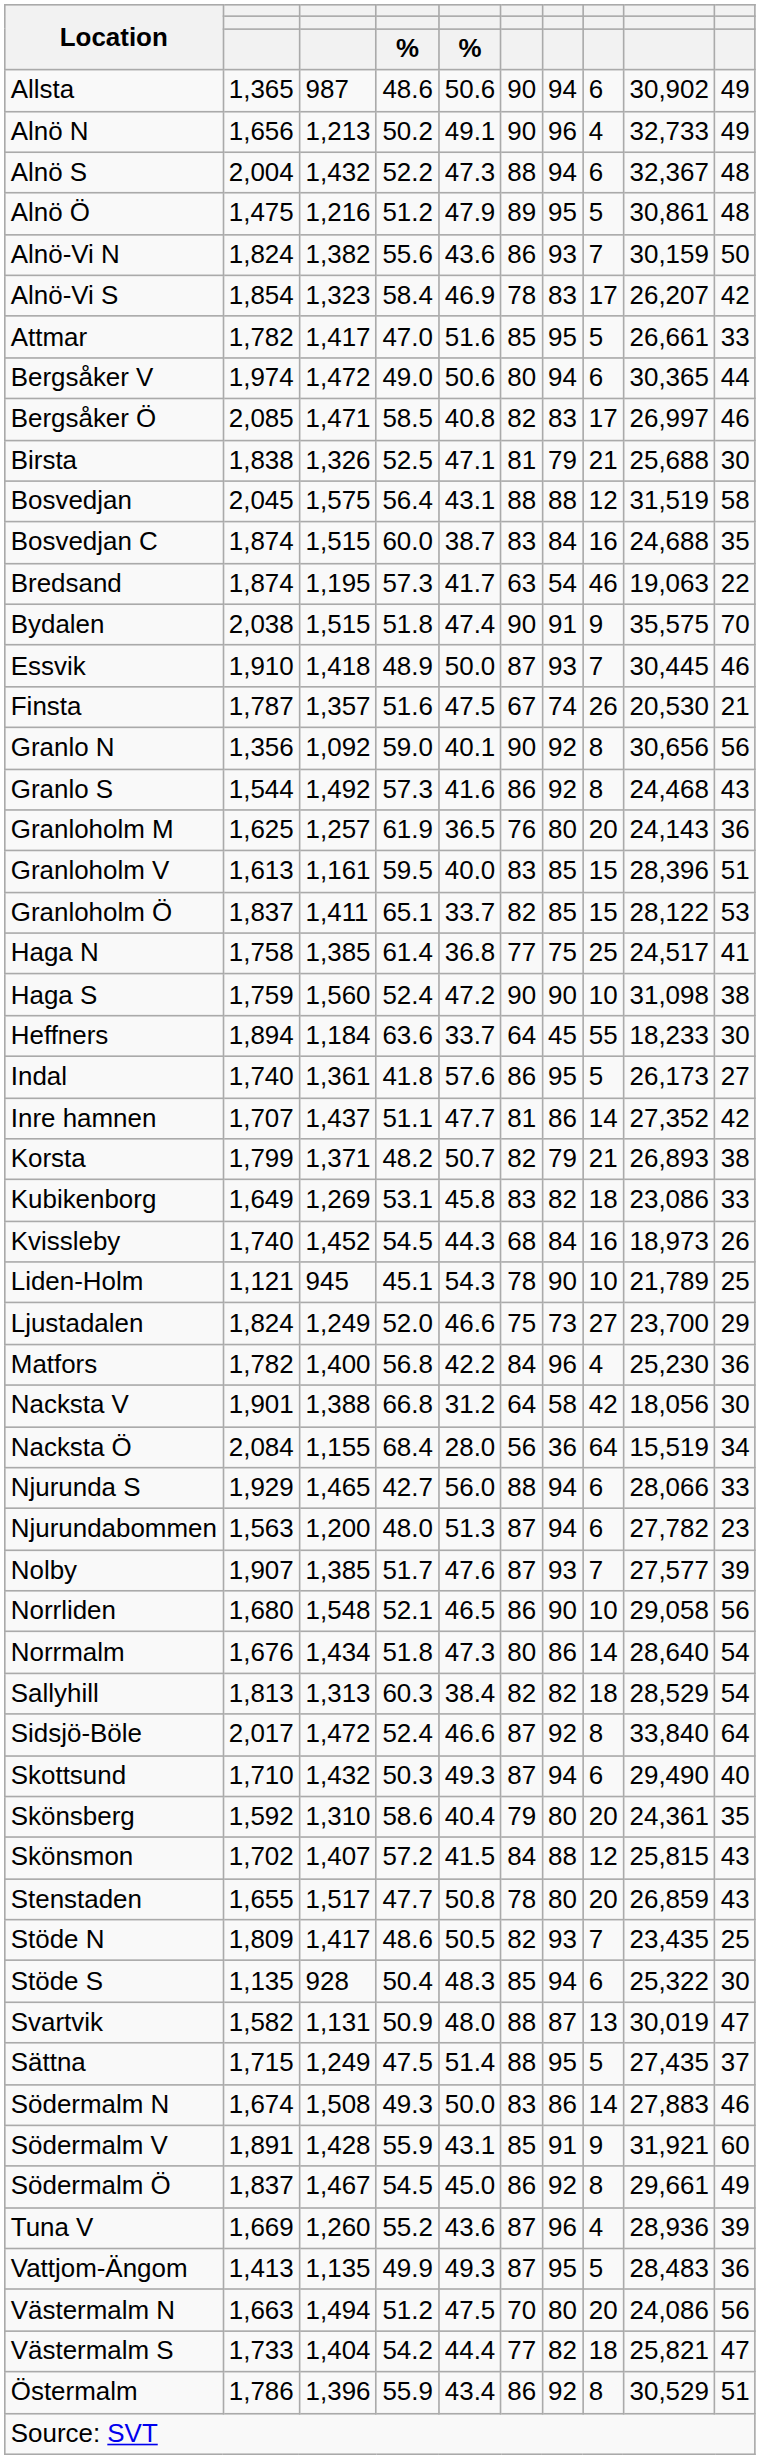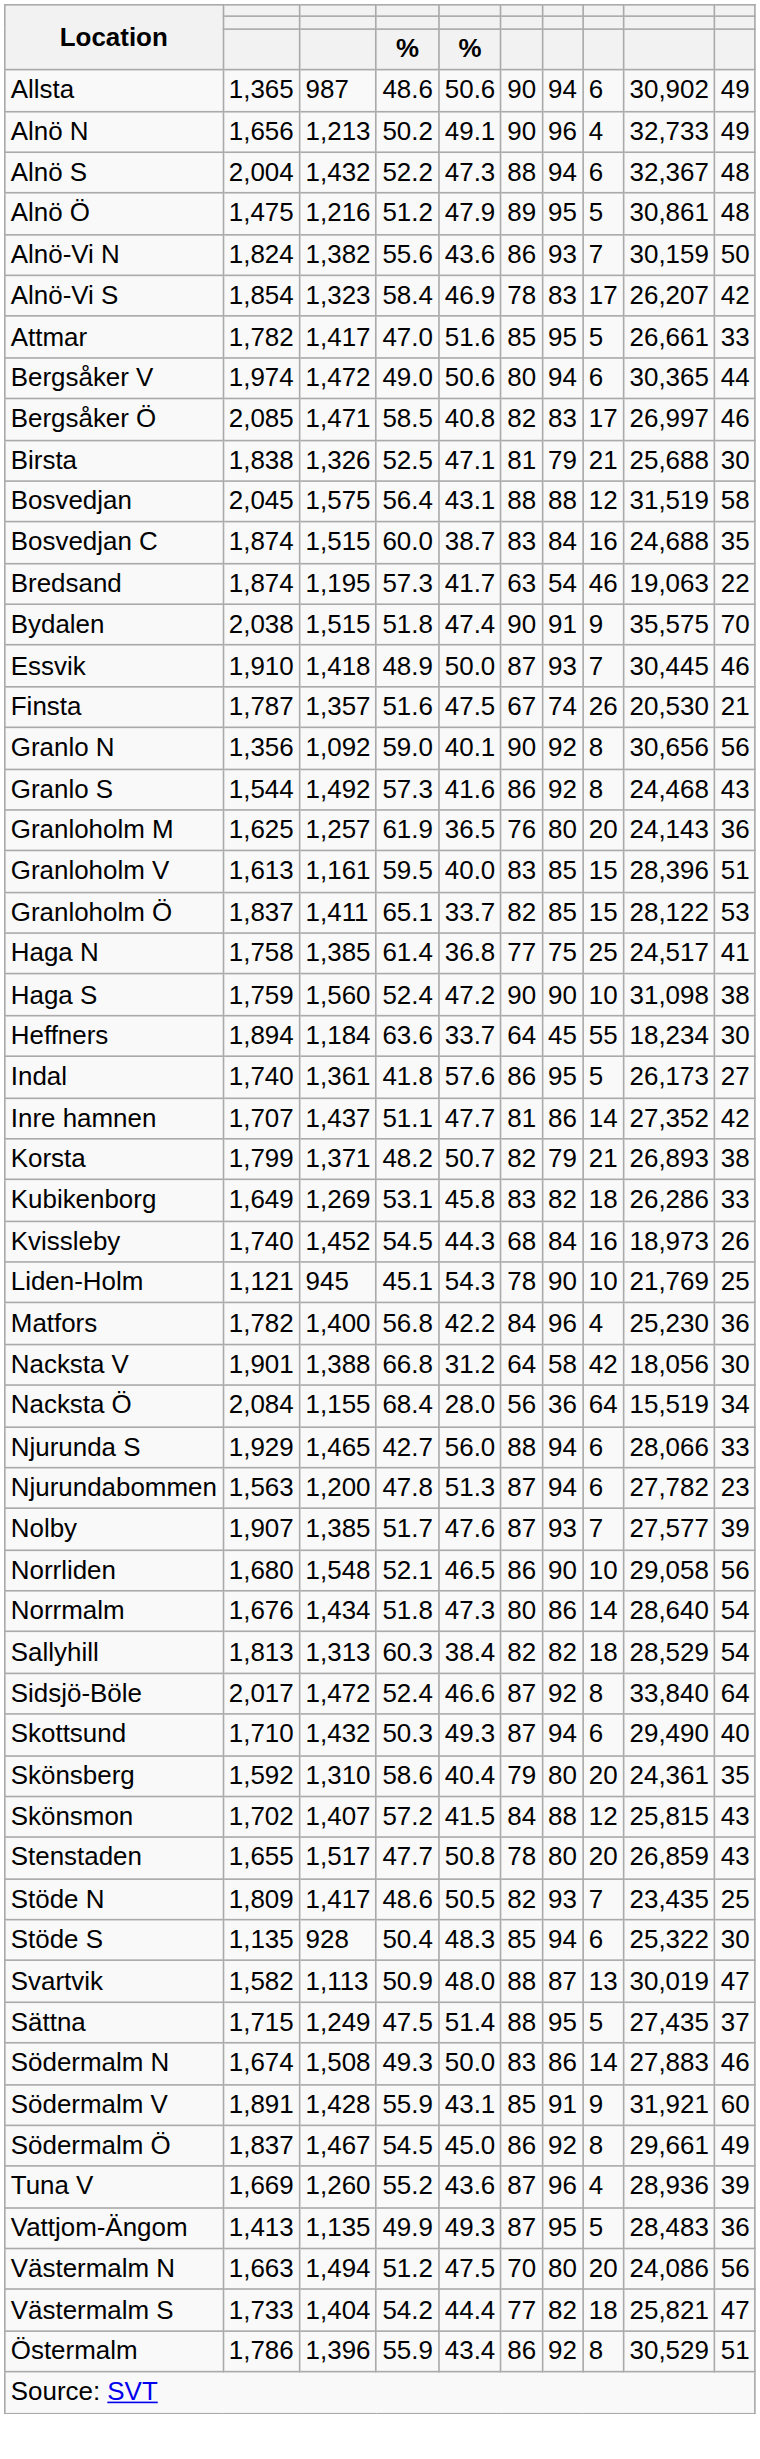 <table role="presentation" class="wikitable sortable mw-collapsible mw-collapsed">
 <tr>
 <th rowspan="3">Location</th>
 <th></th>
 <th></th>
 <th></th>
 <th></th>
 <th></th>
 <th></th>
 <th></th>
 <th></th>
 <th></th>
 </tr>
 <tr>
 <th></th>
 <th></th>
 <th style="background:"></th>
 <th style="background:"></th>
 <th></th>
 <th></th>
 <th></th>
 <th></th>
 <th></th>
 </tr>
 <tr>
 <th data-sort-type="number"></th>
 <th data-sort-type="number"></th>
 <th data-sort-type="number">%</th>
 <th data-sort-type="number">%</th>
 <th data-sort-type="number"></th>
 <th data-sort-type="number"></th>
 <th data-sort-type="number"></th>
 <th data-sort-type="number"></th>
 <th data-sort-type="number"></th>
 </tr>
 <tr>
 <td align="left">Allsta</td>
 <td>1,365</td>
 <td>987</td>
 <td>48.6</td>
 <td>50.6</td>
 <td>90</td>
 <td>94</td>
 <td>6</td>
 <td>30,902</td>
 <td>49</td>
 </tr>
 <tr>
 <td align="left">Alnö N</td>
 <td>1,656</td>
 <td>1,213</td>
 <td>50.2</td>
 <td>49.1</td>
 <td>90</td>
 <td>96</td>
 <td>4</td>
 <td>32,733</td>
 <td>49</td>
 </tr>
 <tr>
 <td align="left">Alnö S</td>
 <td>2,004</td>
 <td>1,432</td>
 <td>52.2</td>
 <td>47.3</td>
 <td>88</td>
 <td>94</td>
 <td>6</td>
 <td>32,367</td>
 <td>48</td>
 </tr>
 <tr>
 <td align="left">Alnö Ö</td>
 <td>1,475</td>
 <td>1,216</td>
 <td>51.2</td>
 <td>47.9</td>
 <td>89</td>
 <td>95</td>
 <td>5</td>
 <td>30,861</td>
 <td>48</td>
 </tr>
 <tr>
 <td align="left">Alnö-Vi N</td>
 <td>1,824</td>
 <td>1,382</td>
 <td>55.6</td>
 <td>43.6</td>
 <td>86</td>
 <td>93</td>
 <td>7</td>
 <td>30,159</td>
 <td>50</td>
 </tr>
 <tr>
 <td align="left">Alnö-Vi S</td>
 <td>1,854</td>
 <td>1,323</td>
 <td>58.4</td>
 <td>46.9</td>
 <td>78</td>
 <td>83</td>
 <td>17</td>
 <td>26,207</td>
 <td>42</td>
 </tr>
 <tr>
 <td align="left">Attmar</td>
 <td>1,782</td>
 <td>1,417</td>
 <td>47.0</td>
 <td>51.6</td>
 <td>85</td>
 <td>95</td>
 <td>5</td>
 <td>26,661</td>
 <td>33</td>
 </tr>
 <tr>
 <td align="left">Bergsåker V</td>
 <td>1,974</td>
 <td>1,472</td>
 <td>49.0</td>
 <td>50.6</td>
 <td>80</td>
 <td>94</td>
 <td>6</td>
 <td>30,365</td>
 <td>44</td>
 </tr>
 <tr>
 <td align="left">Bergsåker Ö</td>
 <td>2,085</td>
 <td>1,471</td>
 <td>58.5</td>
 <td>40.8</td>
 <td>82</td>
 <td>83</td>
 <td>17</td>
 <td>26,997</td>
 <td>46</td>
 </tr>
 <tr>
 <td align="left">Birsta</td>
 <td>1,838</td>
 <td>1,326</td>
 <td>52.5</td>
 <td>47.1</td>
 <td>81</td>
 <td>79</td>
 <td>21</td>
 <td>25,688</td>
 <td>30</td>
 </tr>
 <tr>
 <td align="left">Bosvedjan</td>
 <td>2,045</td>
 <td>1,575</td>
 <td>56.4</td>
 <td>43.1</td>
 <td>88</td>
 <td>88</td>
 <td>12</td>
 <td>31,519</td>
 <td>58</td>
 </tr>
 <tr>
 <td align="left">Bosvedjan C</td>
 <td>1,874</td>
 <td>1,515</td>
 <td>60.0</td>
 <td>38.7</td>
 <td>83</td>
 <td>84</td>
 <td>16</td>
 <td>24,688</td>
 <td>35</td>
 </tr>
 <tr>
 <td align="left">Bredsand</td>
 <td>1,874</td>
 <td>1,195</td>
 <td>57.3</td>
 <td>41.7</td>
 <td>63</td>
 <td>54</td>
 <td>46</td>
 <td>19,063</td>
 <td>22</td>
 </tr>
 <tr>
 <td align="left">Bydalen</td>
 <td>2,038</td>
 <td>1,515</td>
 <td>51.8</td>
 <td>47.4</td>
 <td>90</td>
 <td>91</td>
 <td>9</td>
 <td>35,575</td>
 <td>70</td>
 </tr>
 <tr>
 <td align="left">Essvik</td>
 <td>1,910</td>
 <td>1,418</td>
 <td>48.9</td>
 <td>50.0</td>
 <td>87</td>
 <td>93</td>
 <td>7</td>
 <td>30,445</td>
 <td>46</td>
 </tr>
 <tr>
 <td align="left">Finsta</td>
 <td>1,787</td>
 <td>1,357</td>
 <td>51.6</td>
 <td>47.5</td>
 <td>67</td>
 <td>74</td>
 <td>26</td>
 <td>20,530</td>
 <td>21</td>
 </tr>
 <tr>
 <td align="left">Granlo N</td>
 <td>1,356</td>
 <td>1,092</td>
 <td>59.0</td>
 <td>40.1</td>
 <td>90</td>
 <td>92</td>
 <td>8</td>
 <td>30,656</td>
 <td>56</td>
 </tr>
 <tr>
 <td align="left">Granlo S</td>
 <td>1,544</td>
 <td>1,492</td>
 <td>57.3</td>
 <td>41.6</td>
 <td>86</td>
 <td>92</td>
 <td>8</td>
 <td>24,468</td>
 <td>43</td>
 </tr>
 <tr>
 <td align="left">Granloholm M</td>
 <td>1,625</td>
 <td>1,257</td>
 <td>61.9</td>
 <td>36.5</td>
 <td>76</td>
 <td>80</td>
 <td>20</td>
 <td>24,143</td>
 <td>36</td>
 </tr>
 <tr>
 <td align="left">Granloholm V</td>
 <td>1,613</td>
 <td>1,161</td>
 <td>59.5</td>
 <td>40.0</td>
 <td>83</td>
 <td>85</td>
 <td>15</td>
 <td>28,396</td>
 <td>51</td>
 </tr>
 <tr>
 <td align="left">Granloholm Ö</td>
 <td>1,837</td>
 <td>1,411</td>
 <td>65.1</td>
 <td>33.7</td>
 <td>82</td>
 <td>85</td>
 <td>15</td>
 <td>28,122</td>
 <td>53</td>
 </tr>
 <tr>
 <td align="left">Haga N</td>
 <td>1,758</td>
 <td>1,385</td>
 <td>61.4</td>
 <td>36.8</td>
 <td>77</td>
 <td>75</td>
 <td>25</td>
 <td>24,517</td>
 <td>41</td>
 </tr>
 <tr>
 <td align="left">Haga S</td>
 <td>1,759</td>
 <td>1,560</td>
 <td>52.4</td>
 <td>47.2</td>
 <td>90</td>
 <td>90</td>
 <td>10</td>
 <td>31,098</td>
 <td>38</td>
 </tr>
 <tr>
 <td align="left">Heffners</td>
 <td>1,894</td>
 <td>1,184</td>
 <td>63.6</td>
 <td>33.7</td>
 <td>64</td>
 <td>45</td>
 <td>55</td>
-<td>18,233</td>
+<td>18,234</td>
 <td>30</td>
 </tr>
 <tr>
 <td align="left">Indal</td>
 <td>1,740</td>
 <td>1,361</td>
 <td>41.8</td>
 <td>57.6</td>
 <td>86</td>
 <td>95</td>
 <td>5</td>
 <td>26,173</td>
 <td>27</td>
 </tr>
 <tr>
 <td align="left">Inre hamnen</td>
 <td>1,707</td>
 <td>1,437</td>
 <td>51.1</td>
 <td>47.7</td>
 <td>81</td>
 <td>86</td>
 <td>14</td>
 <td>27,352</td>
 <td>42</td>
 </tr>
 <tr>
 <td align="left">Korsta</td>
 <td>1,799</td>
 <td>1,371</td>
 <td>48.2</td>
 <td>50.7</td>
 <td>82</td>
 <td>79</td>
 <td>21</td>
 <td>26,893</td>
 <td>38</td>
 </tr>
 <tr>
 <td align="left">Kubikenborg</td>
 <td>1,649</td>
 <td>1,269</td>
 <td>53.1</td>
 <td>45.8</td>
 <td>83</td>
 <td>82</td>
 <td>18</td>
-<td>23,086</td>
+<td>26,286</td>
 <td>33</td>
 </tr>
 <tr>
 <td align="left">Kvissleby</td>
 <td>1,740</td>
 <td>1,452</td>
 <td>54.5</td>
 <td>44.3</td>
 <td>68</td>
 <td>84</td>
 <td>16</td>
 <td>18,973</td>
 <td>26</td>
 </tr>
 <tr>
 <td align="left">Liden-Holm</td>
 <td>1,121</td>
 <td>945</td>
 <td>45.1</td>
 <td>54.3</td>
 <td>78</td>
 <td>90</td>
 <td>10</td>
-<td>21,789</td>
+<td>21,769</td>
 <td>25</td>
-</tr>
-<tr>
-<td align="left">Ljustadalen</td>
-<td>1,824</td>
-<td>1,249</td>
-<td>52.0</td>
-<td>46.6</td>
-<td>75</td>
-<td>73</td>
-<td>27</td>
-<td>23,700</td>
-<td>29</td>
 </tr>
 <tr>
 <td align="left">Matfors</td>
 <td>1,782</td>
 <td>1,400</td>
 <td>56.8</td>
 <td>42.2</td>
 <td>84</td>
 <td>96</td>
 <td>4</td>
 <td>25,230</td>
 <td>36</td>
 </tr>
 <tr>
 <td align="left">Nacksta V</td>
 <td>1,901</td>
 <td>1,388</td>
 <td>66.8</td>
 <td>31.2</td>
 <td>64</td>
 <td>58</td>
 <td>42</td>
 <td>18,056</td>
 <td>30</td>
 </tr>
 <tr>
 <td align="left">Nacksta Ö</td>
 <td>2,084</td>
 <td>1,155</td>
 <td>68.4</td>
 <td>28.0</td>
 <td>56</td>
 <td>36</td>
 <td>64</td>
 <td>15,519</td>
 <td>34</td>
 </tr>
 <tr>
 <td align="left">Njurunda S</td>
 <td>1,929</td>
 <td>1,465</td>
 <td>42.7</td>
 <td>56.0</td>
 <td>88</td>
 <td>94</td>
 <td>6</td>
 <td>28,066</td>
 <td>33</td>
 </tr>
 <tr>
 <td align="left">Njurundabommen</td>
 <td>1,563</td>
 <td>1,200</td>
-<td>48.0</td>
+<td>47.8</td>
 <td>51.3</td>
 <td>87</td>
 <td>94</td>
 <td>6</td>
 <td>27,782</td>
 <td>23</td>
 </tr>
 <tr>
 <td align="left">Nolby</td>
 <td>1,907</td>
 <td>1,385</td>
 <td>51.7</td>
 <td>47.6</td>
 <td>87</td>
 <td>93</td>
 <td>7</td>
 <td>27,577</td>
 <td>39</td>
 </tr>
 <tr>
 <td align="left">Norrliden</td>
 <td>1,680</td>
 <td>1,548</td>
 <td>52.1</td>
 <td>46.5</td>
 <td>86</td>
 <td>90</td>
 <td>10</td>
 <td>29,058</td>
 <td>56</td>
 </tr>
 <tr>
 <td align="left">Norrmalm</td>
 <td>1,676</td>
 <td>1,434</td>
 <td>51.8</td>
 <td>47.3</td>
 <td>80</td>
 <td>86</td>
 <td>14</td>
 <td>28,640</td>
 <td>54</td>
 </tr>
 <tr>
 <td align="left">Sallyhill</td>
 <td>1,813</td>
 <td>1,313</td>
 <td>60.3</td>
 <td>38.4</td>
 <td>82</td>
 <td>82</td>
 <td>18</td>
 <td>28,529</td>
 <td>54</td>
 </tr>
 <tr>
 <td align="left">Sidsjö-Böle</td>
 <td>2,017</td>
 <td>1,472</td>
 <td>52.4</td>
 <td>46.6</td>
 <td>87</td>
 <td>92</td>
 <td>8</td>
 <td>33,840</td>
 <td>64</td>
 </tr>
 <tr>
 <td align="left">Skottsund</td>
 <td>1,710</td>
 <td>1,432</td>
 <td>50.3</td>
 <td>49.3</td>
 <td>87</td>
 <td>94</td>
 <td>6</td>
 <td>29,490</td>
 <td>40</td>
 </tr>
 <tr>
 <td align="left">Skönsberg</td>
 <td>1,592</td>
 <td>1,310</td>
 <td>58.6</td>
 <td>40.4</td>
 <td>79</td>
 <td>80</td>
 <td>20</td>
 <td>24,361</td>
 <td>35</td>
 </tr>
 <tr>
 <td align="left">Skönsmon</td>
 <td>1,702</td>
 <td>1,407</td>
 <td>57.2</td>
 <td>41.5</td>
 <td>84</td>
 <td>88</td>
 <td>12</td>
 <td>25,815</td>
 <td>43</td>
 </tr>
 <tr>
 <td align="left">Stenstaden</td>
 <td>1,655</td>
 <td>1,517</td>
 <td>47.7</td>
 <td>50.8</td>
 <td>78</td>
 <td>80</td>
 <td>20</td>
 <td>26,859</td>
 <td>43</td>
 </tr>
 <tr>
 <td align="left">Stöde N</td>
 <td>1,809</td>
 <td>1,417</td>
 <td>48.6</td>
 <td>50.5</td>
 <td>82</td>
 <td>93</td>
 <td>7</td>
 <td>23,435</td>
 <td>25</td>
 </tr>
 <tr>
 <td align="left">Stöde S</td>
 <td>1,135</td>
 <td>928</td>
 <td>50.4</td>
 <td>48.3</td>
 <td>85</td>
 <td>94</td>
 <td>6</td>
 <td>25,322</td>
 <td>30</td>
 </tr>
 <tr>
 <td align="left">Svartvik</td>
 <td>1,582</td>
-<td>1,131</td>
+<td>1,113</td>
 <td>50.9</td>
 <td>48.0</td>
 <td>88</td>
 <td>87</td>
 <td>13</td>
 <td>30,019</td>
 <td>47</td>
 </tr>
 <tr>
 <td align="left">Sättna</td>
 <td>1,715</td>
 <td>1,249</td>
 <td>47.5</td>
 <td>51.4</td>
 <td>88</td>
 <td>95</td>
 <td>5</td>
 <td>27,435</td>
 <td>37</td>
 </tr>
 <tr>
 <td align="left">Södermalm N</td>
 <td>1,674</td>
 <td>1,508</td>
 <td>49.3</td>
 <td>50.0</td>
 <td>83</td>
 <td>86</td>
 <td>14</td>
 <td>27,883</td>
 <td>46</td>
 </tr>
 <tr>
 <td align="left">Södermalm V</td>
 <td>1,891</td>
 <td>1,428</td>
 <td>55.9</td>
 <td>43.1</td>
 <td>85</td>
 <td>91</td>
 <td>9</td>
 <td>31,921</td>
 <td>60</td>
 </tr>
 <tr>
 <td align="left">Södermalm Ö</td>
 <td>1,837</td>
 <td>1,467</td>
 <td>54.5</td>
 <td>45.0</td>
 <td>86</td>
 <td>92</td>
 <td>8</td>
 <td>29,661</td>
 <td>49</td>
 </tr>
 <tr>
 <td align="left">Tuna V</td>
 <td>1,669</td>
 <td>1,260</td>
 <td>55.2</td>
 <td>43.6</td>
 <td>87</td>
 <td>96</td>
 <td>4</td>
 <td>28,936</td>
 <td>39</td>
 </tr>
 <tr>
 <td align="left">Vattjom-Ängom</td>
 <td>1,413</td>
 <td>1,135</td>
 <td>49.9</td>
 <td>49.3</td>
 <td>87</td>
 <td>95</td>
 <td>5</td>
 <td>28,483</td>
 <td>36</td>
 </tr>
 <tr>
 <td align="left">Västermalm N</td>
 <td>1,663</td>
 <td>1,494</td>
 <td>51.2</td>
 <td>47.5</td>
 <td>70</td>
 <td>80</td>
 <td>20</td>
 <td>24,086</td>
 <td>56</td>
 </tr>
 <tr>
 <td align="left">Västermalm S</td>
 <td>1,733</td>
 <td>1,404</td>
 <td>54.2</td>
 <td>44.4</td>
 <td>77</td>
 <td>82</td>
 <td>18</td>
 <td>25,821</td>
 <td>47</td>
 </tr>
 <tr>
 <td align="left">Östermalm</td>
 <td>1,786</td>
 <td>1,396</td>
 <td>55.9</td>
 <td>43.4</td>
 <td>86</td>
 <td>92</td>
 <td>8</td>
 <td>30,529</td>
 <td>51</td>
 </tr>
 <tr>
 <td colspan="10" align="left">Source: <a href='#'>SVT</a></td>
 </tr>
 </table>
